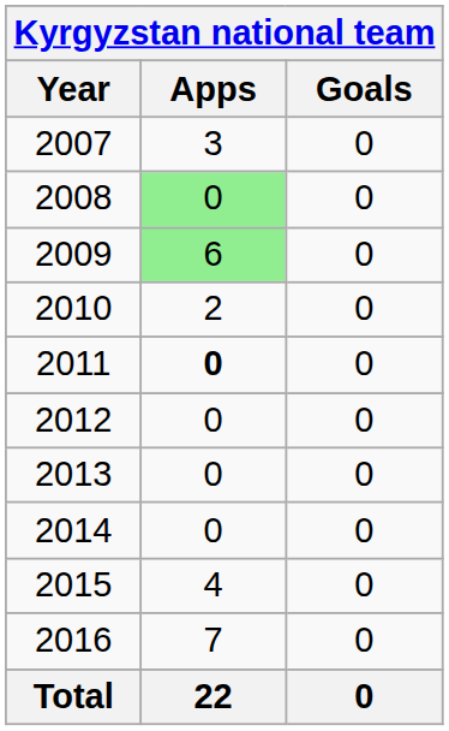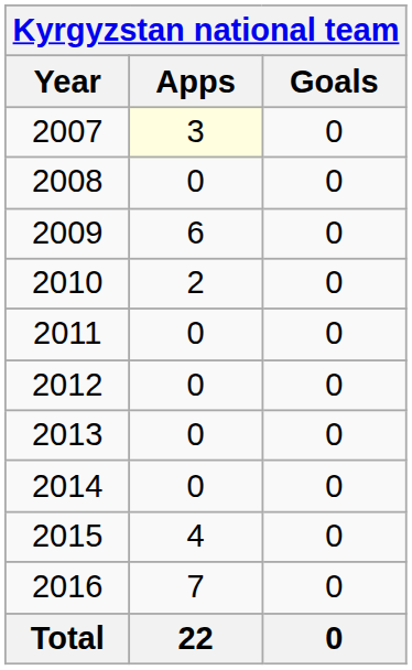 <table class="wikitable" style="text-align:center">
 <tr>
 <th colspan=3><a href='#'>Kyrgyzstan national team</a></th>
 </tr>
 <tr>
 <th>Year</th>
 <th>Apps</th>
 <th>Goals</th>
 </tr>
 <tr>
 <td>2007</td>
-<td>3</td>
+<td style="background: lightyellow;">3</td>
 <td>0</td>
 </tr>
 <tr>
 <td>2008</td>
-<td style="background: lightgreen;">0</td>
+<td>0</td>
 <td>0</td>
 </tr>
 <tr>
 <td>2009</td>
-<td style="background: lightgreen;">6</td>
+<td>6</td>
 <td>0</td>
 </tr>
 <tr>
 <td>2010</td>
 <td>2</td>
 <td>0</td>
 </tr>
 <tr>
 <td>2011</td>
-<td><strong>0</strong></td>
+<td>0</td>
 <td>0</td>
 </tr>
 <tr>
 <td>2012</td>
 <td>0</td>
 <td>0</td>
 </tr>
 <tr>
 <td>2013</td>
 <td>0</td>
 <td>0</td>
 </tr>
 <tr>
 <td>2014</td>
 <td>0</td>
 <td>0</td>
 </tr>
 <tr>
 <td>2015</td>
 <td>4</td>
 <td>0</td>
 </tr>
 <tr>
 <td>2016</td>
 <td>7</td>
 <td>0</td>
 </tr>
 <tr>
 <th>Total</th>
 <th>22</th>
 <th>0</th>
 </tr>
 </table>
